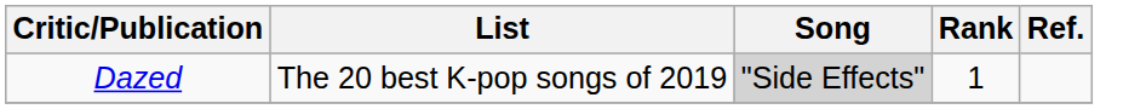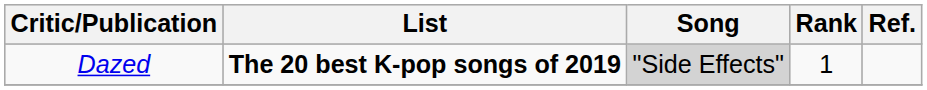 <table class="sortable wikitable" style="text-align:center">
 <tr>
 <th>Critic/Publication</th>
 <th>List</th>
 <th>Song</th>
 <th>Rank</th>
 <th class="unsortable">Ref.</th>
 </tr>
 <tr>
 <td><em><a href='#'>Dazed</a></em></td>
-<td>The 20 best K-pop songs of 2019</td>
+<td><strong>The 20 best K-pop songs of 2019</strong></td>
 <td style="background: lightgrey;">"Side Effects"</td>
 <td>1</td>
 <td></td>
 </tr>
 <tr>
 </tr>
 </table>
